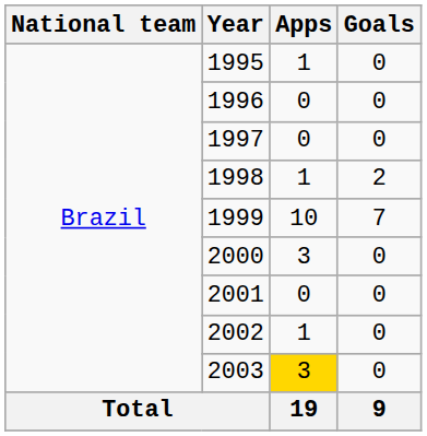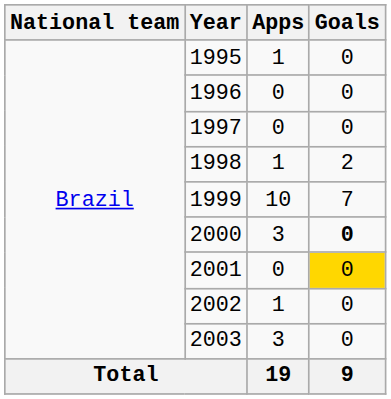 <table class="wikitable" style="text-align:center">
 <tr>
 <th>National team</th>
 <th>Year</th>
 <th>Apps</th>
 <th>Goals</th>
 </tr>
 <tr>
 <td rowspan="9"><a href='#'>Brazil</a></td>
 <td>1995</td>
 <td>1</td>
 <td>0</td>
 </tr>
 <tr>
 <td>1996</td>
 <td>0</td>
 <td>0</td>
 </tr>
 <tr>
 <td>1997</td>
 <td>0</td>
 <td>0</td>
 </tr>
 <tr>
 <td>1998</td>
 <td>1</td>
 <td>2</td>
 </tr>
 <tr>
 <td>1999</td>
 <td>10</td>
 <td>7</td>
 </tr>
 <tr>
 <td>2000</td>
 <td>3</td>
-<td>0</td>
+<td><strong>0</strong></td>
 </tr>
 <tr>
 <td>2001</td>
 <td>0</td>
-<td>0</td>
+<td style="background: gold;">0</td>
 </tr>
 <tr>
 <td>2002</td>
 <td>1</td>
 <td>0</td>
 </tr>
 <tr>
 <td>2003</td>
-<td style="background: gold;">3</td>
+<td>3</td>
 <td>0</td>
 </tr>
 <tr>
 <th colspan="2">Total</th>
 <th>19</th>
 <th>9</th>
 </tr>
 </table>
